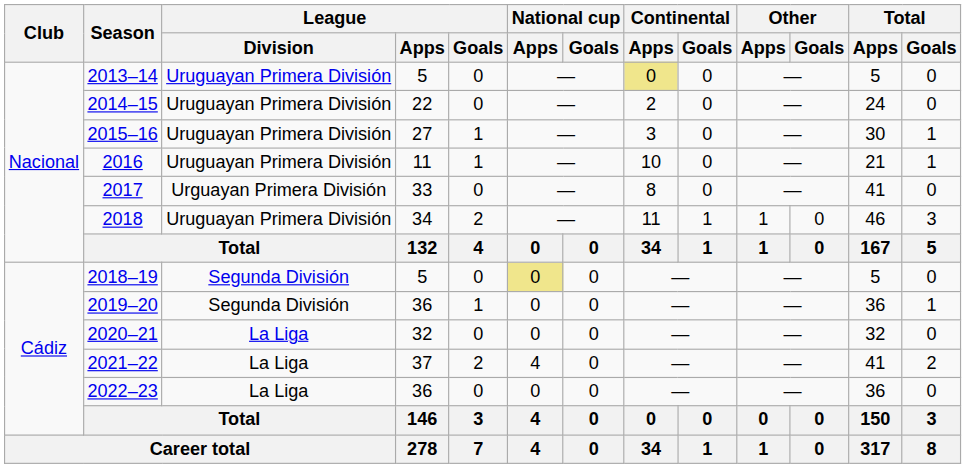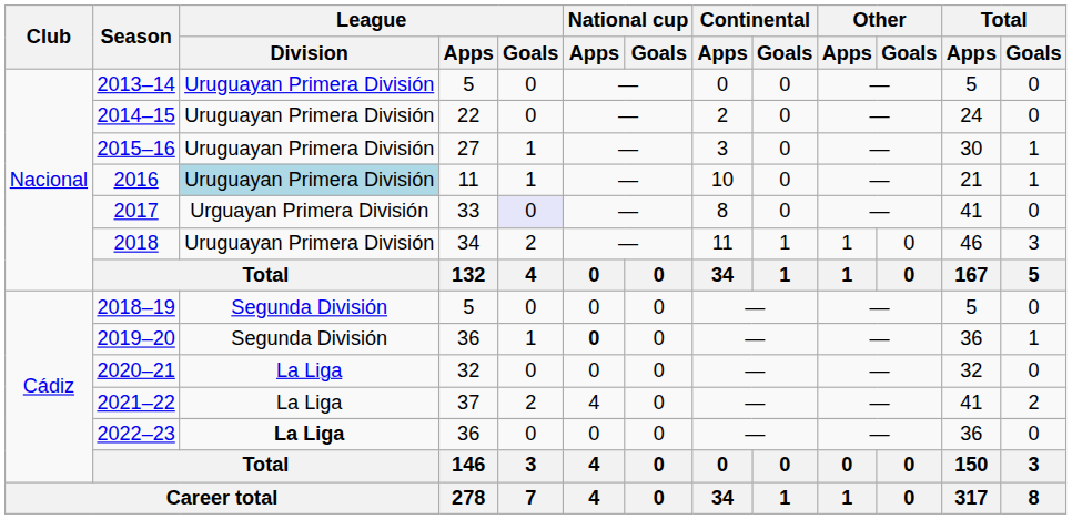 <table class="wikitable" style="text-align:center">
 <tr>
 <th rowspan="2">Club</th>
 <th rowspan="2">Season</th>
 <th colspan="3">League</th>
 <th colspan="2">National cup</th>
 <th colspan="2">Continental</th>
 <th colspan="2">Other</th>
 <th colspan="2">Total</th>
 </tr>
 <tr>
 <th>Division</th>
 <th>Apps</th>
 <th>Goals</th>
 <th>Apps</th>
 <th>Goals</th>
 <th>Apps</th>
 <th>Goals</th>
 <th>Apps</th>
 <th>Goals</th>
 <th>Apps</th>
 <th>Goals</th>
 </tr>
 <tr>
 <td rowspan="7"><a href='#'>Nacional</a></td>
 <td><a href='#'>2013–14</a></td>
 <td><a href='#'>Uruguayan Primera División</a></td>
 <td>5</td>
 <td>0</td>
 <td colspan="2">—</td>
-<td style="background: khaki;">0</td>
+<td>0</td>
 <td>0</td>
 <td colspan="2">—</td>
 <td>5</td>
 <td>0</td>
 </tr>
 <tr>
 <td><a href='#'>2014–15</a></td>
 <td>Uruguayan Primera División</td>
 <td>22</td>
 <td>0</td>
 <td colspan="2">—</td>
 <td>2</td>
 <td>0</td>
 <td colspan="2">—</td>
 <td>24</td>
 <td>0</td>
 </tr>
 <tr>
 <td><a href='#'>2015–16</a></td>
 <td>Uruguayan Primera División</td>
 <td>27</td>
 <td>1</td>
 <td colspan="2">—</td>
 <td>3</td>
 <td>0</td>
 <td colspan="2">—</td>
 <td>30</td>
 <td>1</td>
 </tr>
 <tr>
 <td><a href='#'>2016</a></td>
-<td>Uruguayan Primera División</td>
+<td style="background: lightblue;">Uruguayan Primera División</td>
 <td>11</td>
 <td>1</td>
 <td colspan="2">—</td>
 <td>10</td>
 <td>0</td>
 <td colspan="2">—</td>
 <td>21</td>
 <td>1</td>
 </tr>
 <tr>
 <td><a href='#'>2017</a></td>
 <td>Urguayan Primera División</td>
 <td>33</td>
-<td>0</td>
+<td style="background: lavender;">0</td>
 <td colspan="2">—</td>
 <td>8</td>
 <td>0</td>
 <td colspan="2">—</td>
 <td>41</td>
 <td>0</td>
 </tr>
 <tr>
 <td><a href='#'>2018</a></td>
 <td>Uruguayan Primera División</td>
 <td>34</td>
 <td>2</td>
 <td colspan="2">—</td>
 <td>11</td>
 <td>1</td>
 <td>1</td>
 <td>0</td>
 <td>46</td>
 <td>3</td>
 </tr>
 <tr>
 <th colspan="2">Total</th>
 <th>132</th>
 <th>4</th>
 <th>0</th>
 <th>0</th>
 <th>34</th>
 <th>1</th>
 <th>1</th>
 <th>0</th>
 <th>167</th>
 <th>5</th>
 </tr>
 <tr>
 <td rowspan="6"><a href='#'>Cádiz</a></td>
 <td><a href='#'>2018–19</a></td>
 <td><a href='#'>Segunda División</a></td>
 <td>5</td>
 <td>0</td>
-<td style="background: khaki;">0</td>
+<td>0</td>
 <td>0</td>
 <td colspan="2">—</td>
 <td colspan="2">—</td>
 <td>5</td>
 <td>0</td>
 </tr>
 <tr>
 <td><a href='#'>2019–20</a></td>
 <td>Segunda División</td>
 <td>36</td>
 <td>1</td>
-<td>0</td>
+<td><strong>0</strong></td>
 <td>0</td>
 <td colspan="2">—</td>
 <td colspan="2">—</td>
 <td>36</td>
 <td>1</td>
 </tr>
 <tr>
 <td><a href='#'>2020–21</a></td>
 <td><a href='#'>La Liga</a></td>
 <td>32</td>
 <td>0</td>
 <td>0</td>
 <td>0</td>
 <td colspan="2">—</td>
 <td colspan="2">—</td>
 <td>32</td>
 <td>0</td>
 </tr>
 <tr>
 <td><a href='#'>2021–22</a></td>
 <td>La Liga</td>
 <td>37</td>
 <td>2</td>
 <td>4</td>
 <td>0</td>
 <td colspan="2">—</td>
 <td colspan="2">—</td>
 <td>41</td>
 <td>2</td>
 </tr>
 <tr>
 <td><a href='#'>2022–23</a></td>
-<td>La Liga</td>
+<td><strong>La Liga</strong></td>
 <td>36</td>
 <td>0</td>
 <td>0</td>
 <td>0</td>
 <td colspan="2">—</td>
 <td colspan="2">—</td>
 <td>36</td>
 <td>0</td>
 </tr>
 <tr>
 <th colspan="2">Total</th>
 <th>146</th>
 <th>3</th>
 <th>4</th>
 <th>0</th>
 <th>0</th>
 <th>0</th>
 <th>0</th>
 <th>0</th>
 <th>150</th>
 <th>3</th>
 </tr>
 <tr>
 <th colspan="3">Career total</th>
 <th>278</th>
 <th>7</th>
 <th>4</th>
 <th>0</th>
 <th>34</th>
 <th>1</th>
 <th>1</th>
 <th>0</th>
 <th>317</th>
 <th>8</th>
 </tr>
 </table>
